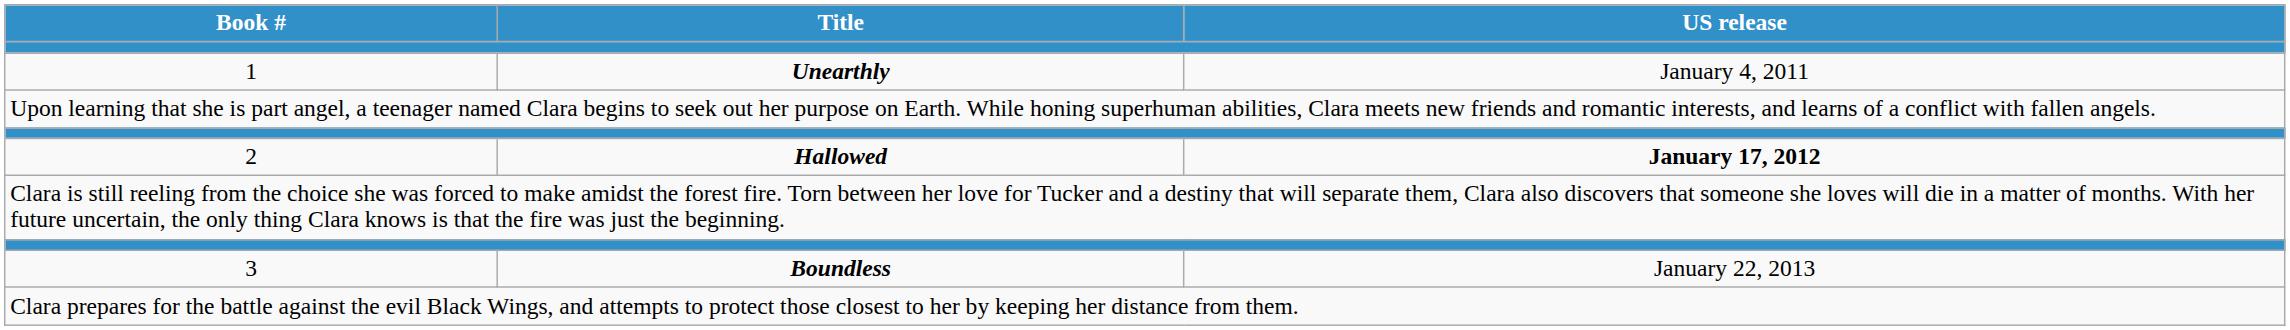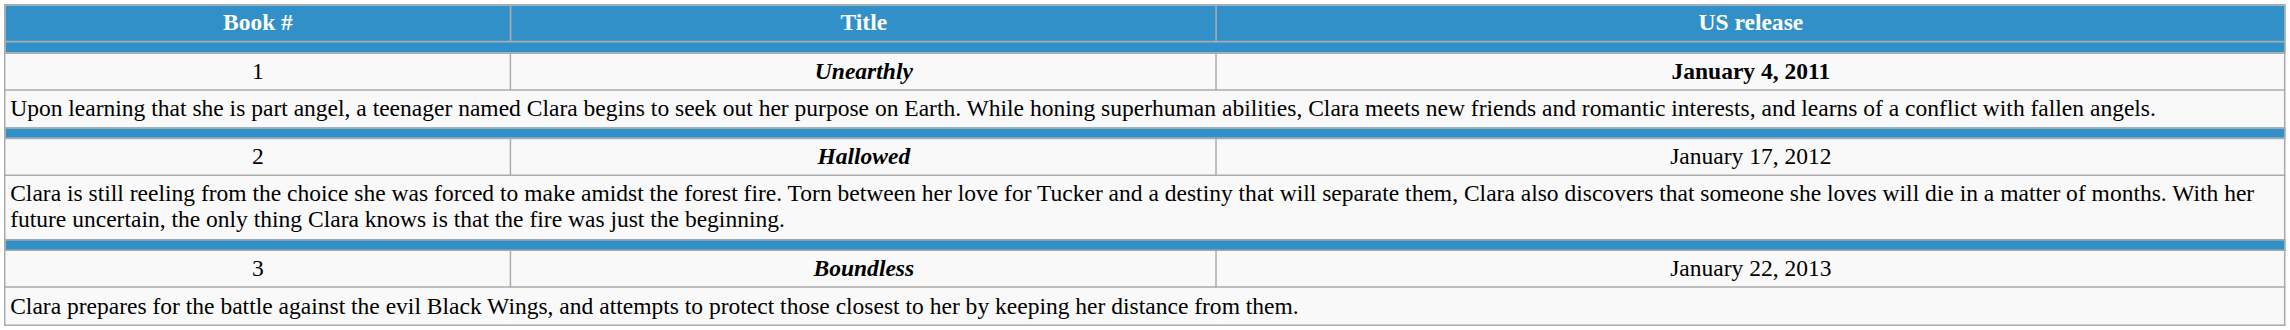 <table class="wikitable" style="width:98%; background-color:#FFFFF">
 <tr style="color:white">
 <th style="background-color: #3090C7;">Book #</th>
 <th style="background-color: #3090C7;">Title</th>
 <th style="background-color: #3090C7;">US release</th>
 </tr>
 <tr>
 <td colspan="6" bgcolor="#3090C7"></td>
 </tr>
 <tr>
 <td align="center">1</td>
 <td align="center"><strong><em>Unearthly</em></strong></td>
-<td align="center">January 4, 2011</td>
+<td align="center"><strong>January 4, 2011</strong></td>
 </tr>
 <tr>
 <td colspan="6">Upon learning that she is part angel, a teenager named Clara begins to seek out her purpose on Earth. While honing superhuman abilities, Clara meets new friends and romantic interests, and learns of a conflict with fallen angels.</td>
 </tr>
 <tr>
 <td colspan="6" bgcolor="#3090C7"></td>
 </tr>
 <tr>
 <td align="center">2</td>
 <td align="center"><strong><em>Hallowed</em></strong></td>
-<td align="center"><strong>January 17, 2012</strong></td>
+<td align="center">January 17, 2012</td>
 </tr>
 <tr>
 <td colspan="6">Clara is still reeling from the choice she was forced to make amidst the forest fire. Torn between her love for Tucker and a destiny that will separate them, Clara also discovers that someone she loves will die in a matter of months. With her future uncertain, the only thing Clara knows is that the fire was just the beginning.</td>
 </tr>
 <tr>
 <td colspan="6" bgcolor="#3090C7"></td>
 </tr>
 <tr>
 <td align="center">3</td>
 <td align="center"><strong><em>Boundless</em></strong></td>
 <td align="center">January 22, 2013</td>
 </tr>
 <tr>
 <td colspan="6">Clara prepares for the battle against the evil Black Wings, and attempts to protect those closest to her by keeping her distance from them.</td>
 </tr>
 </table>
